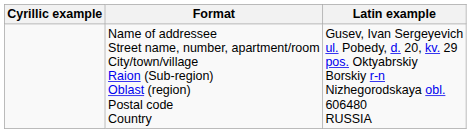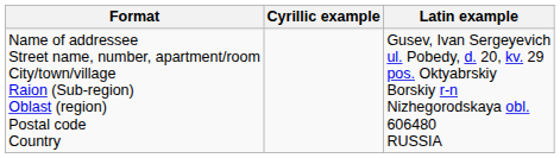 <table class="wikitable">
 <tr>
+<th>Format</th>
 <th>Cyrillic example</th>
-<th>Format</th>
 <th>Latin example</th>
 </tr>
 <tr>
+<td>Name of addressee<br>Street name, number, apartment/room<br>City/town/village<br><a href='#'>Raion</a> (Sub-region)<br><a href='#'>Oblast</a> (region)<br>Postal code<br>Country</td>
 <td><br><br></td>
-<td>Name of addressee<br>Street name, number, apartment/room<br>City/town/village<br><a href='#'>Raion</a> (Sub-region)<br><a href='#'>Oblast</a> (region)<br>Postal code<br>Country</td>
 <td>Gusev, Ivan Sergeyevich<br><a href='#'>ul.</a> Pobedy, <a href='#'>d.</a> 20, <a href='#'>kv.</a> 29<br><a href='#'>pos.</a> Oktyabrskiy<br>Borskiy <a href='#'>r-n</a><br>Nizhegorodskaya <a href='#'>obl.</a><br>606480<br>RUSSIA</td>
 </tr>
 </table>
